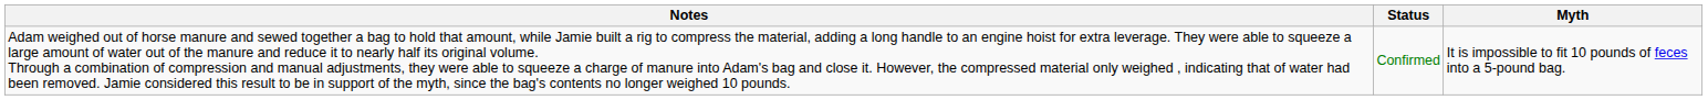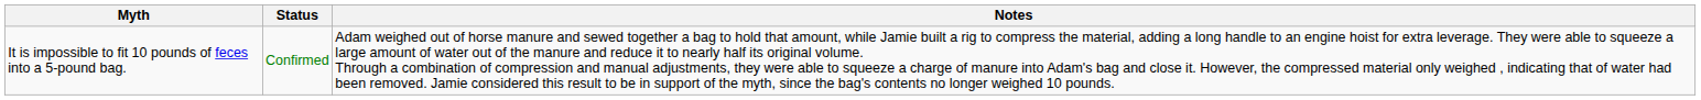 <table class="wikitable plainrowheaders">
 <tr>
+<th scope"col">Myth</th>
+<th scope"col">Status</th>
 <th scope"col">Notes</th>
-<th scope"col">Status</th>
-<th scope"col">Myth</th>
 </tr>
 <tr>
+<td scope"row">It is impossible to fit 10 pounds of <a href='#'>feces</a> into a 5-pound bag.</td>
+<td style="color:green">Confirmed</td>
 <td>Adam weighed out  of horse manure and sewed together a bag to hold that amount, while Jamie built a rig to compress the material, adding a long handle to an engine hoist for extra leverage. They were able to squeeze a large amount of water out of the manure and reduce it to nearly half its original volume.<br>Through a combination of compression and manual adjustments, they were able to squeeze a  charge of manure into Adam's bag and close it. However, the compressed material only weighed , indicating that  of water had been removed. Jamie considered this result to be in support of the myth, since the bag's contents no longer weighed 10 pounds.</td>
-<td style="color:green">Confirmed</td>
-<td scope"row">It is impossible to fit 10 pounds of <a href='#'>feces</a> into a 5-pound bag.</td>
 </tr>
 </table>
